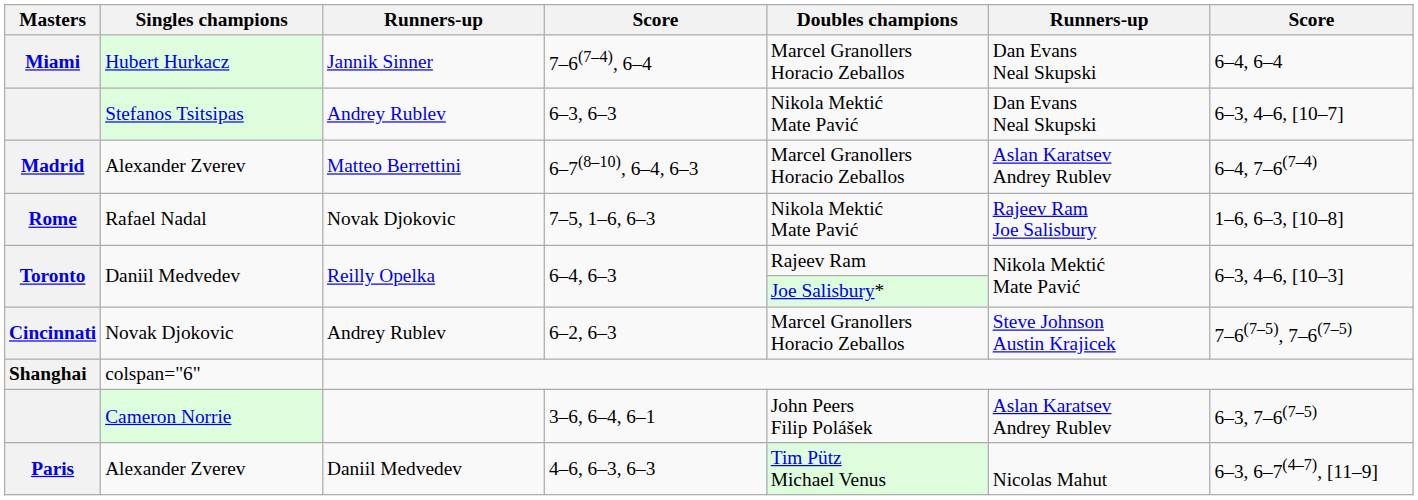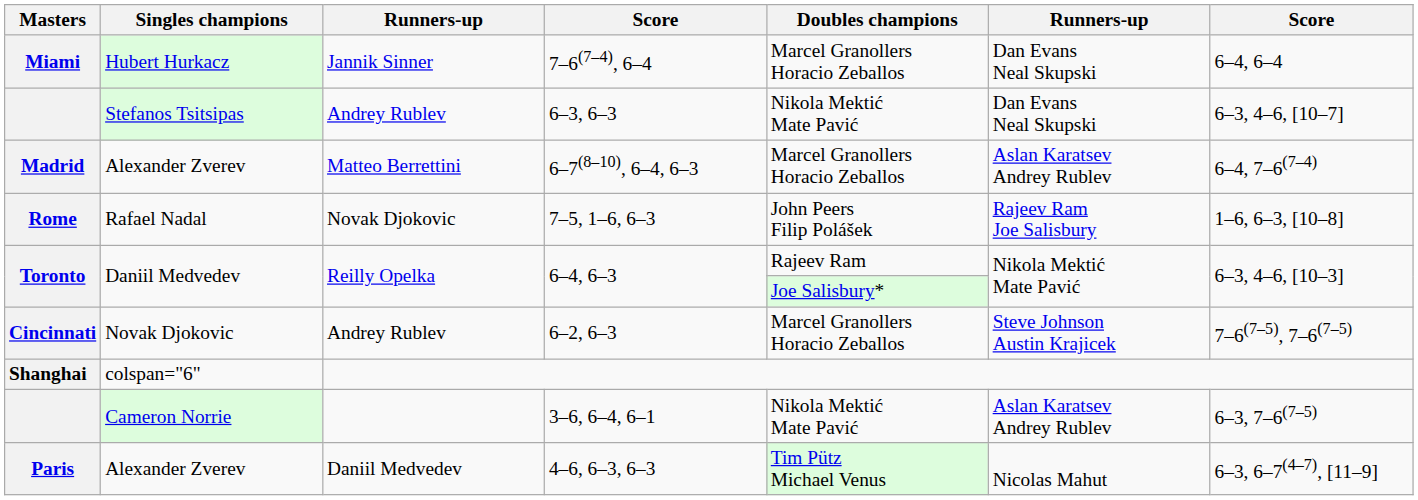 <table class="wikitable plainrowheaders">
 <tr>
 <th scope="col">Masters</th>
 <th scope="col" style="width:11em">Singles champions</th>
 <th scope="col" style="width:11em">Runners-up</th>
 <th scope="col" style="width:11em">Score</th>
 <th scope="col" style="width:11em">Doubles champions</th>
 <th scope="col" style="width:11em">Runners-up</th>
 <th scope="col" style="width:10em">Score</th>
 </tr>
 <tr>
 <th scope="row"><a href='#'><strong>Miami</strong></a><br></th>
 <td style="background-color: #ddfddd"> <a href='#'>Hubert Hurkacz</a></td>
 <td> <a href='#'>Jannik Sinner</a></td>
 <td>7–6<sup>(7–4)</sup>, 6–4</td>
 <td> Marcel Granollers <br>  Horacio Zeballos</td>
 <td> Dan Evans<br> Neal Skupski</td>
 <td>6–4, 6–4</td>
 </tr>
 <tr>
 <th scope="row"><br></th>
 <td style="background-color: #ddfddd"> <a href='#'>Stefanos Tsitsipas</a></td>
 <td> <a href='#'>Andrey Rublev</a></td>
 <td>6–3, 6–3</td>
 <td> Nikola Mektić  <br>  Mate Pavić</td>
 <td> Dan Evans<br> Neal Skupski</td>
 <td>6–3, 4–6, [10–7]</td>
 </tr>
 <tr>
 <th scope="row"><a href='#'><strong>Madrid</strong></a><br></th>
 <td> Alexander Zverev</td>
 <td> <a href='#'>Matteo Berrettini</a></td>
 <td>6–7<sup>(8–10)</sup>, 6–4, 6–3</td>
 <td> Marcel Granollers <br>  Horacio Zeballos</td>
 <td> <a href='#'>Aslan Karatsev</a> <br>  Andrey Rublev</td>
 <td>6–4, 7–6<sup>(7–4)</sup></td>
 </tr>
 <tr>
 <th scope="row"><a href='#'><strong>Rome</strong></a><br></th>
 <td> Rafael Nadal</td>
 <td> Novak Djokovic</td>
 <td>7–5, 1–6, 6–3</td>
-<td> Nikola Mektić  <br>  Mate Pavić</td>
+<td> John Peers <br>  Filip Polášek</td>
 <td> <a href='#'>Rajeev Ram</a> <br>  <a href='#'>Joe Salisbury</a></td>
 <td>1–6, 6–3, [10–8]</td>
 </tr>
 <tr>
 <th rowspan="2" scope="row"><a href='#'><strong>Toronto</strong></a><br></th>
 <td rowspan="2"> Daniil Medvedev</td>
 <td rowspan="2"> <a href='#'>Reilly Opelka</a></td>
 <td rowspan="2">6–4, 6–3</td>
 <td> Rajeev Ram</td>
 <td rowspan="2"> Nikola Mektić  <br>  Mate Pavić</td>
 <td rowspan="2">6–3, 4–6, [10–3]</td>
 </tr>
 <tr>
 <td style="background-color: #ddfddd"> <a href='#'>Joe Salisbury</a>*</td>
 </tr>
 <tr>
 <th scope="row"><a href='#'><strong>Cincinnati</strong></a><br></th>
 <td> Novak Djokovic</td>
 <td> Andrey Rublev</td>
 <td>6–2, 6–3</td>
 <td> Marcel Granollers <br>  Horacio Zeballos</td>
 <td> <a href='#'>Steve Johnson</a> <br>  <a href='#'>Austin Krajicek</a></td>
 <td>7–6<sup>(7–5)</sup>, 7–6<sup>(7–5)</sup></td>
 </tr>
 <tr>
 <th style="text-align: left;">Shanghai</th>
 <td>colspan="6" </td>
 </tr>
 <tr>
 <th scope="row"><br></th>
 <td style="background-color: #ddfddd"> <a href='#'>Cameron Norrie</a></td>
 <td></td>
 <td>3–6, 6–4, 6–1</td>
-<td> John Peers <br>  Filip Polášek</td>
+<td> Nikola Mektić  <br>  Mate Pavić</td>
 <td> <a href='#'>Aslan Karatsev</a> <br>  Andrey Rublev</td>
 <td>6–3, 7–6<sup>(7–5)</sup></td>
 </tr>
 <tr>
 <th scope="row"><a href='#'><strong>Paris</strong></a><br></th>
 <td> Alexander Zverev</td>
 <td> Daniil Medvedev</td>
 <td>4–6, 6–3, 6–3</td>
 <td style="background-color: #ddfddd"> <a href='#'>Tim Pütz</a> <br>  Michael Venus</td>
 <td> <br>  Nicolas Mahut</td>
 <td>6–3, 6–7<sup>(4–7)</sup>, [11–9]</td>
 </tr>
 </table>
